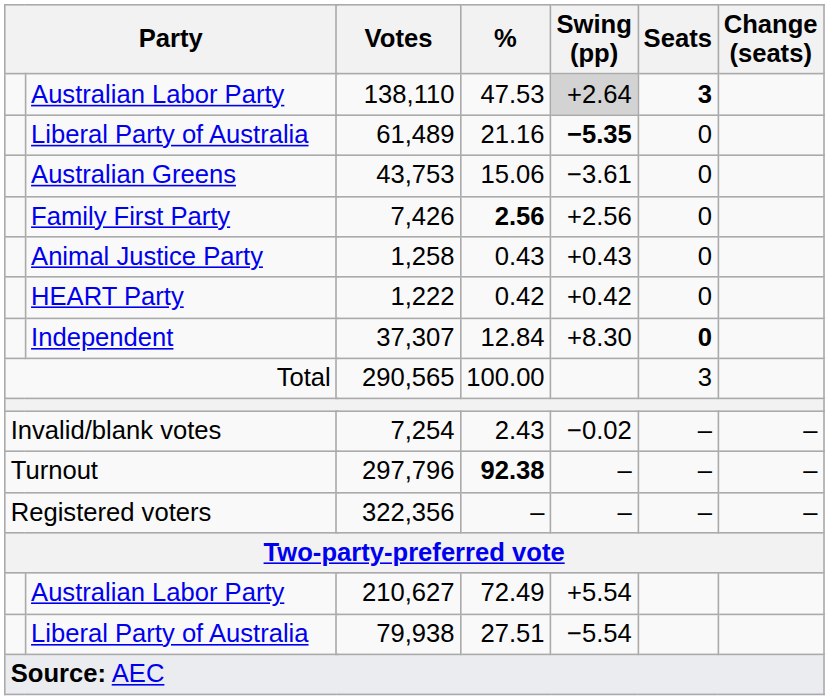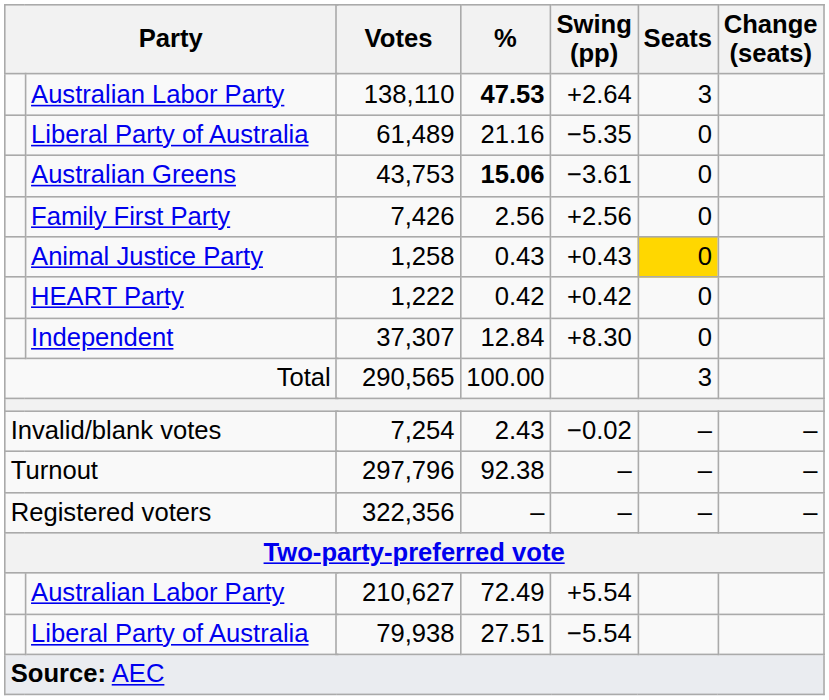 <table class="wikitable" style="text-align:right;  margin-bottom:0">
 <tr>
 <th style="width:200px" colspan=3>Party</th>
 <th style="width:70px;">Votes</th>
 <th style="width:40px;">%</th>
 <th style="width:40px;">Swing (pp)</th>
 <th style="width:40px;">Seats</th>
 <th style="width:40px;">Change (seats)</th>
 </tr>
 <tr>
 <td> </td>
 <td style="text-align:left;" colspan="2"><a href='#'>Australian Labor Party</a></td>
 <td align=right>138,110</td>
-<td align=right>47.53</td>
-<td align=right style="background: lightgrey;">+2.64</td>
-<td align=right><strong>3</strong></td>
+<td align=right><strong>47.53</strong></td>
+<td align=right>+2.64</td>
+<td align=right>3</td>
 <td align=right></td>
 </tr>
 <tr>
 <td> </td>
 <td style="text-align:left;" colspan="2"><a href='#'>Liberal Party of Australia</a></td>
 <td align=right>61,489</td>
 <td align=right>21.16</td>
-<td align=right><strong>−5.35</strong></td>
+<td align=right>−5.35</td>
 <td align=right>0</td>
 <td align=right></td>
 </tr>
 <tr>
 <td> </td>
 <td style="text-align:left;" colspan="2"><a href='#'>Australian Greens</a></td>
 <td align=right>43,753</td>
-<td align=right>15.06</td>
+<td align=right><strong>15.06</strong></td>
 <td align=right>−3.61</td>
 <td align=right>0</td>
 <td align=right></td>
 </tr>
 <tr>
 <td> </td>
 <td style="text-align:left;" colspan="2"><a href='#'>Family First Party</a></td>
 <td align=right>7,426</td>
-<td align=right><strong>2.56</strong></td>
+<td align=right>2.56</td>
 <td align=right>+2.56</td>
 <td align=right>0</td>
 <td align=right></td>
 </tr>
 <tr>
 <td> </td>
 <td style="text-align:left;" colspan="2"><a href='#'>Animal Justice Party</a></td>
 <td align=right>1,258</td>
 <td align=right>0.43</td>
 <td align=right>+0.43</td>
-<td align=right>0</td>
+<td align=right style="background: gold;">0</td>
 <td align=right></td>
 </tr>
 <tr>
 <td> </td>
 <td style="text-align:left;" colspan="2"><a href='#'>HEART Party</a></td>
 <td align=right>1,222</td>
 <td align=right>0.42</td>
 <td align=right>+0.42</td>
 <td align=right>0</td>
 <td align=right></td>
 </tr>
 <tr>
 <td> </td>
 <td style="text-align:left;" colspan="2"><a href='#'>Independent</a></td>
 <td align=right>37,307</td>
 <td align=right>12.84</td>
 <td align=right>+8.30</td>
-<td align=right><strong>0</strong></td>
+<td align=right>0</td>
 <td align=right></td>
 </tr>
 <tr>
 <td colspan="3" align="right">Total</td>
 <td>290,565</td>
 <td>100.00</td>
 <td></td>
 <td>3</td>
 <td></td>
 </tr>
 <tr>
 <th colspan="9"></th>
 </tr>
 <tr>
 <td style="text-align:left;" colspan="3">Invalid/blank votes</td>
 <td>7,254</td>
 <td>2.43</td>
 <td>−0.02</td>
 <td>–</td>
 <td>–</td>
 </tr>
 <tr>
 <td style="text-align:left;" colspan="3">Turnout</td>
 <td>297,796</td>
-<td><strong>92.38</strong></td>
+<td>92.38</td>
 <td>–</td>
 <td>–</td>
 <td>–</td>
 </tr>
 <tr>
 <td colspan="3" style="text-align:left;">Registered voters</td>
 <td>322,356</td>
 <td>–</td>
 <td>–</td>
 <td>–</td>
 <td>–</td>
 </tr>
 <tr>
 <th colspan="8"><a href='#'>Two-party-preferred vote</a></th>
 </tr>
 <tr>
 <td></td>
 <td colspan="2" style="text-align:left;"><a href='#'>Australian Labor Party</a></td>
 <td>210,627</td>
 <td>72.49</td>
 <td>+5.54</td>
 <td></td>
 <td></td>
 </tr>
 <tr>
 <td></td>
 <td colspan="2" style="text-align:left;"><a href='#'>Liberal Party of Australia</a></td>
 <td>79,938</td>
 <td>27.51</td>
 <td>−5.54</td>
 <td></td>
 <td></td>
 </tr>
 <tr>
 <td style="text-align:left; background-color:#eaecf0" colspan="8"><strong>Source:</strong> <a href='#'>AEC</a></td>
 </tr>
 </table>
